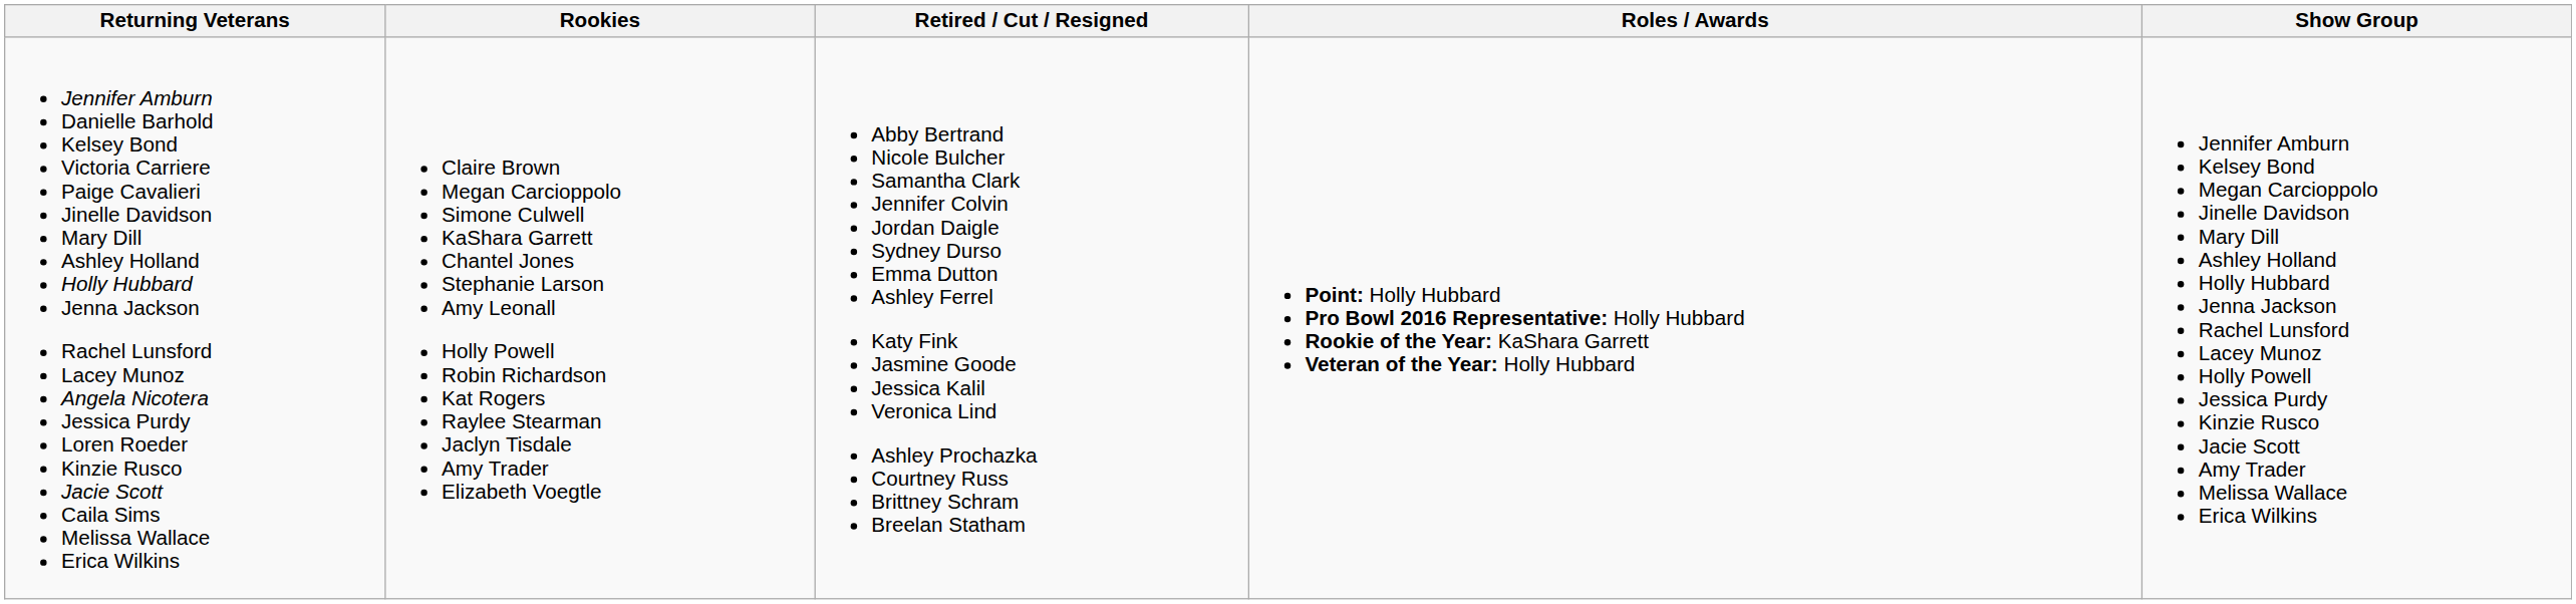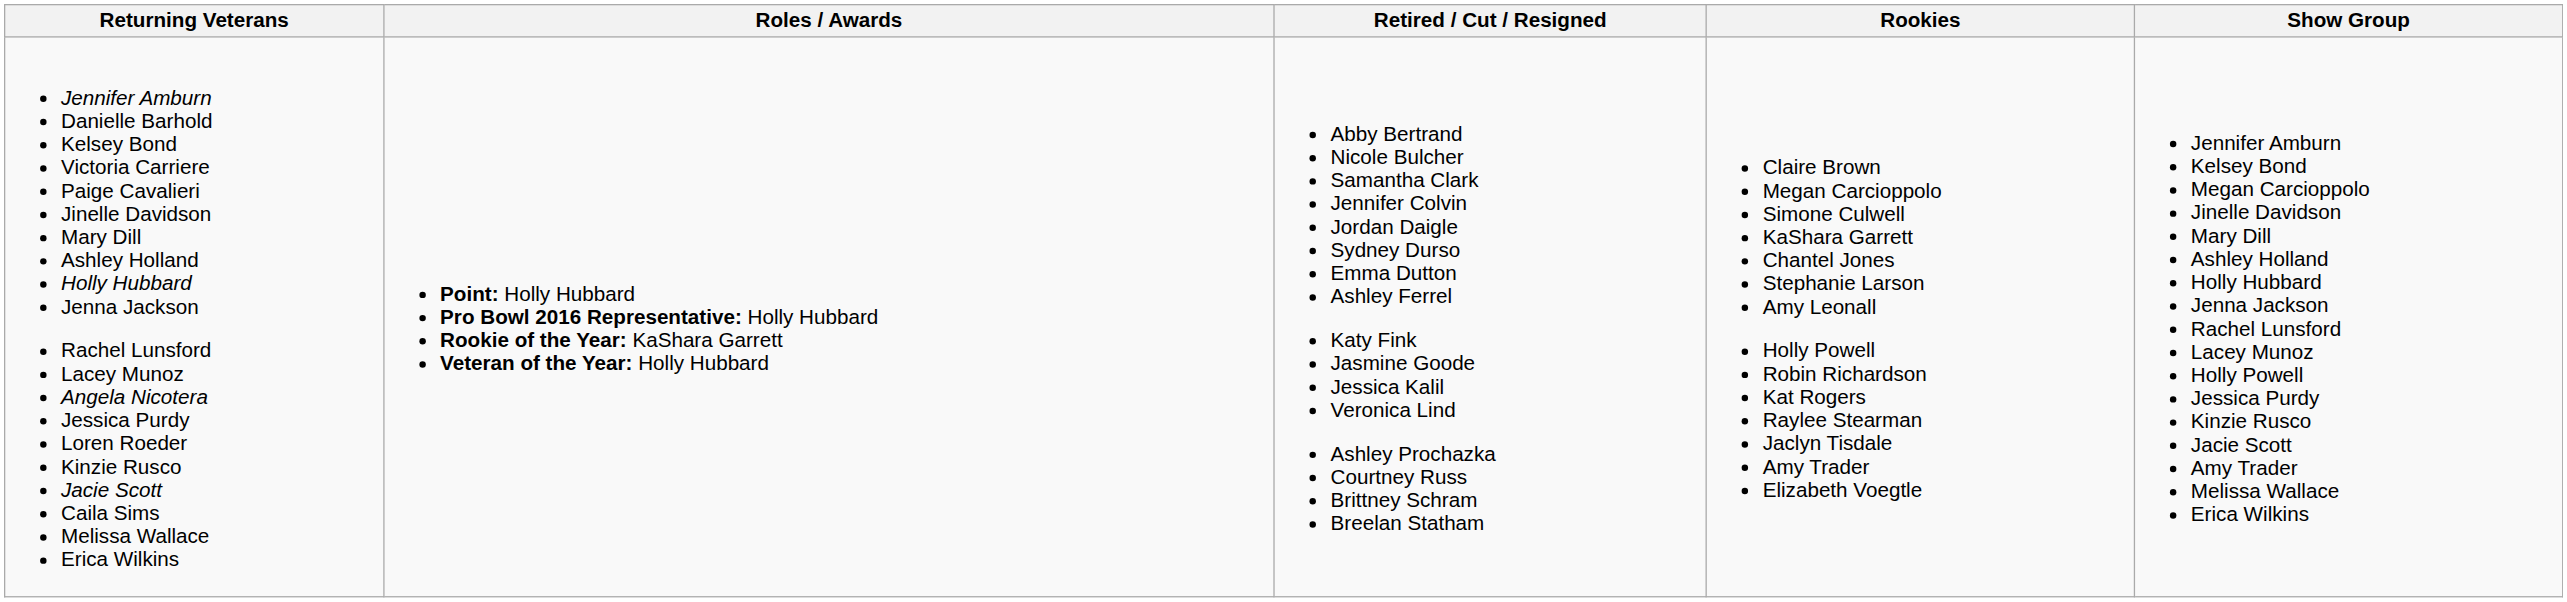 <table class="wikitable" style="width:100%;">
 <tr>
 <th>Returning Veterans</th>
+<th>Roles / Awards</th>
+<th>Retired / Cut / Resigned</th>
 <th>Rookies</th>
-<th>Retired / Cut / Resigned</th>
-<th>Roles / Awards</th>
 <th>Show Group</th>
 </tr>
 <tr>
 <td><br><ul><li><em>Jennifer Amburn</em></li><li>Danielle Barhold</li><li>Kelsey Bond</li><li>Victoria Carriere</li><li>Paige Cavalieri</li><li>Jinelle Davidson</li><li>Mary Dill</li><li>Ashley Holland</li><li><em>Holly Hubbard</em></li><li>Jenna Jackson</li></ul><ul><li>Rachel Lunsford</li><li>Lacey Munoz</li><li><em>Angela Nicotera</em></li><li>Jessica Purdy</li><li>Loren Roeder</li><li>Kinzie Rusco</li><li><em>Jacie Scott</em></li><li>Caila Sims</li><li>Melissa Wallace</li><li>Erica Wilkins</li></ul></td>
+<td><br><ul><li><strong>Point:</strong> Holly Hubbard</li><li><strong>Pro Bowl 2016 Representative:</strong> Holly Hubbard</li><li><strong>Rookie of the Year:</strong> KaShara Garrett</li><li><strong>Veteran of the Year:</strong> Holly Hubbard</li></ul></td>
+<td><br><ul><li>Abby Bertrand </li><li>Nicole Bulcher </li><li>Samantha Clark </li><li>Jennifer Colvin </li><li>Jordan Daigle </li><li>Sydney Durso </li><li>Emma Dutton </li><li>Ashley Ferrel </li></ul><ul><li>Katy Fink </li><li>Jasmine Goode </li><li>Jessica Kalil </li><li>Veronica Lind </li></ul><ul><li>Ashley Prochazka </li><li>Courtney Russ </li><li>Brittney Schram </li><li>Breelan Statham </li></ul></td>
 <td><br><ul><li>Claire Brown</li><li>Megan Carcioppolo</li><li>Simone Culwell</li><li>KaShara Garrett</li><li>Chantel Jones</li><li>Stephanie Larson</li><li>Amy Leonall</li></ul><ul><li>Holly Powell</li><li>Robin Richardson</li><li>Kat Rogers</li><li>Raylee Stearman</li><li>Jaclyn Tisdale</li><li>Amy Trader</li><li>Elizabeth Voegtle</li></ul></td>
-<td><br><ul><li>Abby Bertrand </li><li>Nicole Bulcher </li><li>Samantha Clark </li><li>Jennifer Colvin </li><li>Jordan Daigle </li><li>Sydney Durso </li><li>Emma Dutton </li><li>Ashley Ferrel </li></ul><ul><li>Katy Fink </li><li>Jasmine Goode </li><li>Jessica Kalil </li><li>Veronica Lind </li></ul><ul><li>Ashley Prochazka </li><li>Courtney Russ </li><li>Brittney Schram </li><li>Breelan Statham </li></ul></td>
-<td><br><ul><li><strong>Point:</strong> Holly Hubbard</li><li><strong>Pro Bowl 2016 Representative:</strong> Holly Hubbard</li><li><strong>Rookie of the Year:</strong> KaShara Garrett</li><li><strong>Veteran of the Year:</strong> Holly Hubbard</li></ul></td>
 <td><br><ul><li>Jennifer Amburn</li><li>Kelsey Bond</li><li>Megan Carcioppolo</li><li>Jinelle Davidson</li><li>Mary Dill</li><li>Ashley Holland</li><li>Holly Hubbard</li><li>Jenna Jackson</li><li>Rachel Lunsford</li><li>Lacey Munoz</li><li>Holly Powell</li><li>Jessica Purdy</li><li>Kinzie Rusco</li><li>Jacie Scott</li><li>Amy Trader</li><li>Melissa Wallace</li><li>Erica Wilkins</li></ul></td>
 </tr>
 </table>
